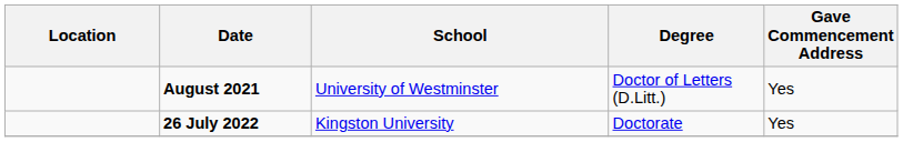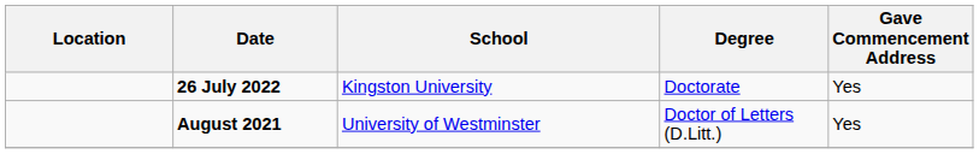 <table class="wikitable" style="width:100%;">
 <tr>
 <th style="width:20%;">Location</th>
 <th style="width:20%;">Date</th>
 <th style="width:40%;">School</th>
 <th style="width:20%;">Degree</th>
 <th style="width:20%;">Gave Commencement Address</th>
 </tr>
 <tr>
 <td></td>
+<td><strong>26 July 2022</strong></td>
+<td><a href='#'>Kingston University</a></td>
+<td><a href='#'>Doctorate</a></td>
+<td>Yes</td>
+</tr>
+<tr>
+<td></td>
 <td><strong>August 2021</strong></td>
 <td><a href='#'>University of Westminster</a></td>
 <td><a href='#'>Doctor of Letters</a> (D.Litt.)</td>
 <td>Yes</td>
 </tr>
 <tr>
-<td></td>
-<td><strong>26 July 2022</strong></td>
-<td><a href='#'>Kingston University</a></td>
-<td><a href='#'>Doctorate</a></td>
-<td>Yes</td>
-</tr>
-<tr>
 </tr>
 </table>
